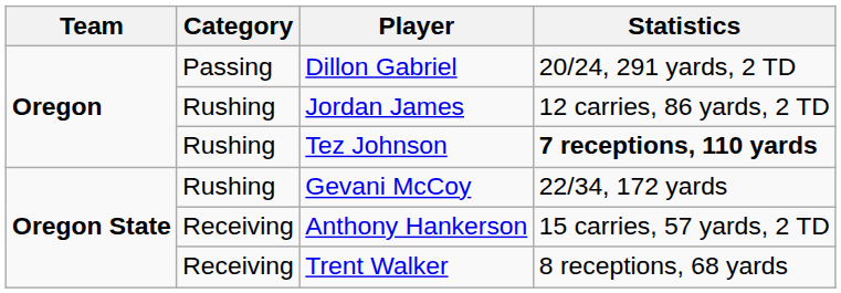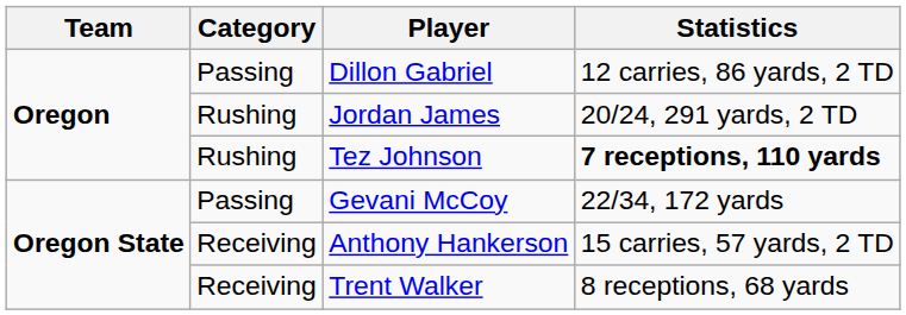 <table class="wikitable" style="float: right;">
 <tr>
 <th>Team</th>
 <th>Category</th>
 <th>Player</th>
 <th>Statistics</th>
 </tr>
 <tr>
 <td rowspan=3><strong>Oregon</strong></td>
 <td>Passing</td>
 <td><a href='#'>Dillon Gabriel</a></td>
-<td>20/24, 291 yards, 2 TD</td>
+<td>12 carries, 86 yards, 2 TD</td>
 </tr>
 <tr>
 <td>Rushing</td>
 <td><a href='#'>Jordan James</a></td>
-<td>12 carries, 86 yards, 2 TD</td>
+<td>20/24, 291 yards, 2 TD</td>
 </tr>
 <tr>
 <td>Rushing</td>
 <td><a href='#'>Tez Johnson</a></td>
 <td><strong>7 receptions, 110 yards</strong></td>
 </tr>
 <tr>
 <td rowspan=3><strong>Oregon State</strong></td>
-<td>Rushing</td>
+<td>Passing</td>
 <td><a href='#'>Gevani McCoy</a></td>
 <td>22/34, 172 yards</td>
 </tr>
 <tr>
 <td>Receiving</td>
 <td><a href='#'>Anthony Hankerson</a></td>
 <td>15 carries, 57 yards, 2 TD</td>
 </tr>
 <tr>
 <td>Receiving</td>
 <td><a href='#'>Trent Walker</a></td>
 <td>8 receptions, 68 yards</td>
 </tr>
 </table>
